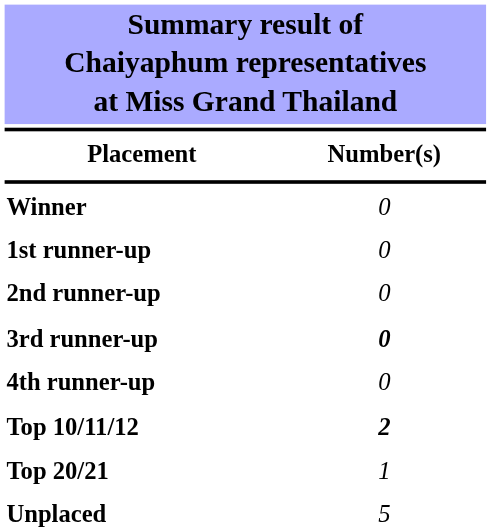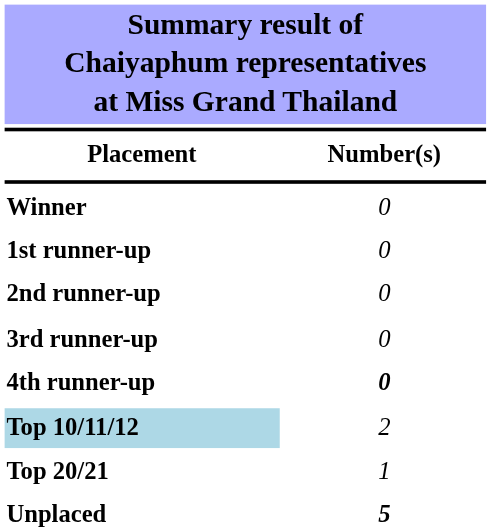 <table style="width: 270px; font-size:85%; line-height:1.5em;">
 <tr>
 <th colspan="2" align="center" style="background:#AAF;"><big>Summary result of<br>Chaiyaphum representatives<br>at Miss Grand Thailand</big></th>
 </tr>
 <tr>
 <td colspan="2" style="background:black"></td>
 </tr>
 <tr>
 <th scope="col">Placement</th>
 <th scope="col">Number(s)</th>
 </tr>
 <tr>
 <td colspan="2" style="background:black"></td>
 </tr>
 <tr>
 <td align="left"><strong>Winner</strong></td>
 <td align="center"><em>0</em></td>
 </tr>
 <tr>
 <td align="left"><strong>1st runner-up</strong></td>
 <td align="center"><em>0</em></td>
 </tr>
 <tr>
 <td align="left"><strong>2nd runner-up</strong></td>
 <td align="center"><em>0</em></td>
 </tr>
 <tr>
 <td align="left"><strong>3rd runner-up</strong></td>
+<td align="center"><em>0</em></td>
+</tr>
+<tr>
+<td align="left"><strong>4th runner-up</strong></td>
 <td align="center"><strong><em>0</em></strong></td>
 </tr>
 <tr>
-<td align="left"><strong>4th runner-up</strong></td>
-<td align="center"><em>0</em></td>
-</tr>
-<tr>
-<td align="left"><strong>Top 10/11/12</strong></td>
-<td align="center"><strong><em>2</em></strong></td>
+<td align="left" style="background: lightblue;"><strong>Top 10/11/12</strong></td>
+<td align="center"><em>2</em></td>
 </tr>
 <tr>
 <td align="left"><strong>Top 20/21</strong></td>
 <td align="center"><em>1</em></td>
 </tr>
 <tr>
 <td align="left"><strong>Unplaced</strong></td>
-<td align="center"><em>5</em></td>
+<td align="center"><strong><em>5</em></strong></td>
 </tr>
 </table>
